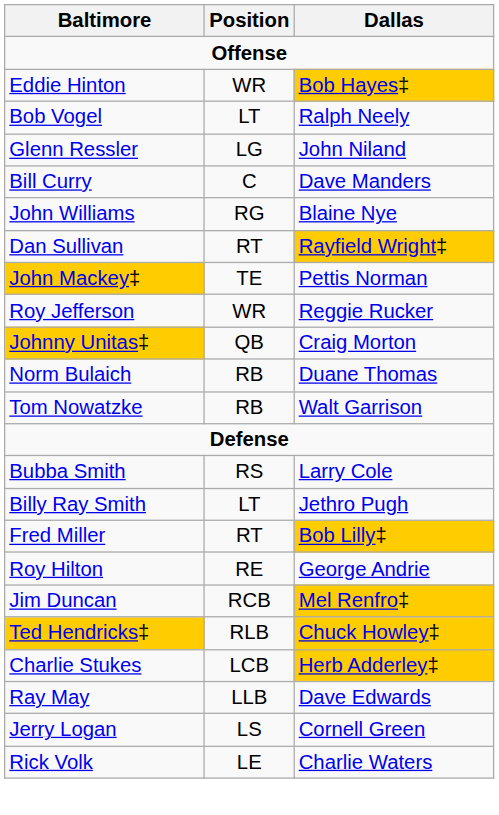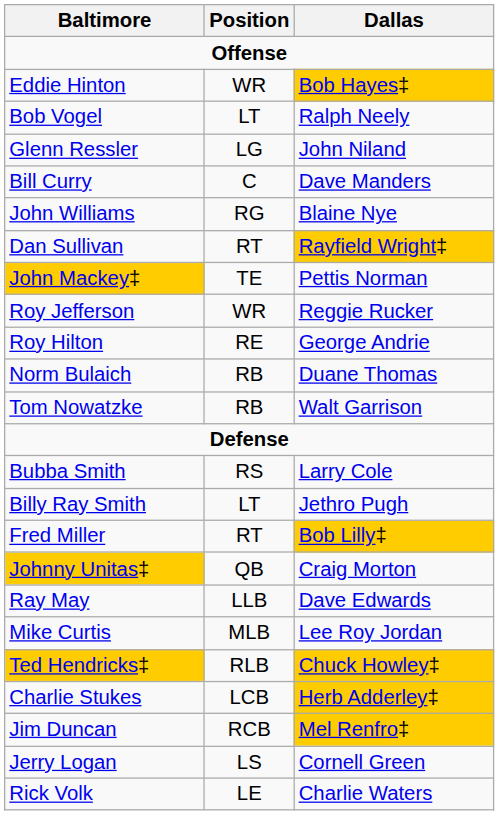 <table class="wikitable">
 <tr>
 <th width="150px">Baltimore</th>
 <th>Position</th>
 <th width="150px">Dallas</th>
 </tr>
 <tr>
 <td colspan="3" style="text-align:center;"><strong>Offense</strong></td>
 </tr>
 <tr>
 <td><a href='#'>Eddie Hinton</a></td>
 <td style="text-align:center;">WR</td>
 <td bgcolor="#FFCC00"><a href='#'>Bob Hayes</a>‡</td>
 </tr>
 <tr>
 <td><a href='#'>Bob Vogel</a></td>
 <td style="text-align:center;">LT</td>
 <td><a href='#'>Ralph Neely</a></td>
 </tr>
 <tr>
 <td><a href='#'>Glenn Ressler</a></td>
 <td style="text-align:center;">LG</td>
 <td><a href='#'>John Niland</a></td>
 </tr>
 <tr>
 <td><a href='#'>Bill Curry</a></td>
 <td style="text-align:center;">C</td>
 <td><a href='#'>Dave Manders</a></td>
 </tr>
 <tr>
 <td><a href='#'>John Williams</a></td>
 <td style="text-align:center;">RG</td>
 <td><a href='#'>Blaine Nye</a></td>
 </tr>
 <tr>
 <td><a href='#'>Dan Sullivan</a></td>
 <td style="text-align:center;">RT</td>
 <td bgcolor="#FFCC00"><a href='#'>Rayfield Wright</a>‡</td>
 </tr>
 <tr>
 <td bgcolor="#FFCC00"><a href='#'>John Mackey</a>‡</td>
 <td style="text-align:center;">TE</td>
 <td><a href='#'>Pettis Norman</a></td>
 </tr>
 <tr>
 <td><a href='#'>Roy Jefferson</a></td>
 <td style="text-align:center;">WR</td>
 <td><a href='#'>Reggie Rucker</a></td>
 </tr>
 <tr>
-<td bgcolor="#FFCC00"><a href='#'>Johnny Unitas</a>‡</td>
-<td style="text-align:center;">QB</td>
-<td><a href='#'>Craig Morton</a></td>
+<td><a href='#'>Roy Hilton</a></td>
+<td style="text-align:center;">RE</td>
+<td><a href='#'>George Andrie</a></td>
 </tr>
 <tr>
 <td><a href='#'>Norm Bulaich</a></td>
 <td style="text-align:center;">RB</td>
 <td><a href='#'>Duane Thomas</a></td>
 </tr>
 <tr>
 <td><a href='#'>Tom Nowatzke</a></td>
 <td style="text-align:center;">RB</td>
 <td><a href='#'>Walt Garrison</a></td>
 </tr>
 <tr>
 <td colspan="3" style="text-align:center;"><strong>Defense</strong></td>
 </tr>
 <tr>
 <td><a href='#'>Bubba Smith</a></td>
 <td style="text-align:center;">RS</td>
 <td><a href='#'>Larry Cole</a></td>
 </tr>
 <tr>
 <td><a href='#'>Billy Ray Smith</a></td>
 <td style="text-align:center;">LT</td>
 <td><a href='#'>Jethro Pugh</a></td>
 </tr>
 <tr>
 <td><a href='#'>Fred Miller</a></td>
 <td style="text-align:center;">RT</td>
 <td bgcolor="#FFCC00"><a href='#'>Bob Lilly</a>‡</td>
 </tr>
 <tr>
-<td><a href='#'>Roy Hilton</a></td>
-<td style="text-align:center;">RE</td>
-<td><a href='#'>George Andrie</a></td>
+<td bgcolor="#FFCC00"><a href='#'>Johnny Unitas</a>‡</td>
+<td style="text-align:center;">QB</td>
+<td><a href='#'>Craig Morton</a></td>
 </tr>
 <tr>
-<td><a href='#'>Jim Duncan</a></td>
-<td style="text-align:center;">RCB</td>
-<td bgcolor="#FFCC00"><a href='#'>Mel Renfro</a>‡</td>
+<td><a href='#'>Ray May</a></td>
+<td style="text-align:center;">LLB</td>
+<td><a href='#'>Dave Edwards</a></td>
+</tr>
+<tr>
+<td><a href='#'>Mike Curtis</a></td>
+<td style="text-align:center;">MLB</td>
+<td><a href='#'>Lee Roy Jordan</a></td>
 </tr>
 <tr>
 <td bgcolor="#FFCC00"><a href='#'>Ted Hendricks</a>‡</td>
 <td style="text-align:center;">RLB</td>
 <td bgcolor="#FFCC00"><a href='#'>Chuck Howley</a>‡</td>
 </tr>
 <tr>
 <td><a href='#'>Charlie Stukes</a></td>
 <td style="text-align:center;">LCB</td>
 <td bgcolor="#FFCC00"><a href='#'>Herb Adderley</a>‡</td>
 </tr>
 <tr>
-<td><a href='#'>Ray May</a></td>
-<td style="text-align:center;">LLB</td>
-<td><a href='#'>Dave Edwards</a></td>
+<td><a href='#'>Jim Duncan</a></td>
+<td style="text-align:center;">RCB</td>
+<td bgcolor="#FFCC00"><a href='#'>Mel Renfro</a>‡</td>
 </tr>
 <tr>
 <td><a href='#'>Jerry Logan</a></td>
 <td style="text-align:center;">LS</td>
 <td><a href='#'>Cornell Green</a></td>
 </tr>
 <tr>
 <td><a href='#'>Rick Volk</a></td>
 <td style="text-align:center;">LE</td>
 <td><a href='#'>Charlie Waters</a></td>
 </tr>
 </table>
